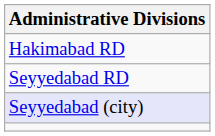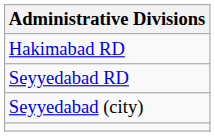 <table class="wikitable">
 <tr>
 <th>Administrative Divisions</th>
 </tr>
 <tr>
 <td><a href='#'>Hakimabad RD</a></td>
 </tr>
 <tr>
 <td><a href='#'>Seyyedabad RD</a></td>
 </tr>
 <tr>
-<td style="background: lavender;"><a href='#'>Seyyedabad</a> (city)</td>
+<td><a href='#'>Seyyedabad</a> (city)</td>
 </tr>
 <tr>
 <td colspan=1></td>
 </tr>
 </table>
